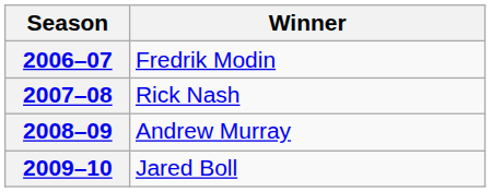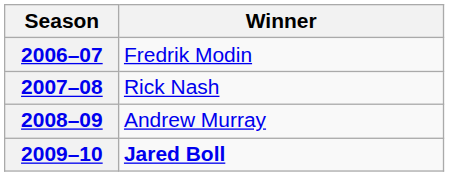 <table class="wikitable">
 <tr>
 <th scope="col" style="width:5em">Season</th>
 <th scope="col" style="width:15em">Winner</th>
 </tr>
 <tr>
 <th scope="row"><a href='#'>2006–07</a></th>
 <td><a href='#'>Fredrik Modin</a></td>
 </tr>
 <tr>
 <th scope="row"><a href='#'>2007–08</a></th>
 <td><a href='#'>Rick Nash</a></td>
 </tr>
 <tr>
 <th scope="row"><a href='#'>2008–09</a></th>
 <td><a href='#'>Andrew Murray</a></td>
 </tr>
 <tr>
 <th scope="row"><a href='#'>2009–10</a></th>
-<td><a href='#'>Jared Boll</a></td>
+<td><strong><a href='#'>Jared Boll</a></strong></td>
 </tr>
 </table>
